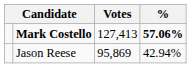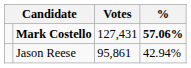 <table class="wikitable">
 <tr>
 <th colspan="2" rowspan="1" align="center" valign="top"><strong>Candidate</strong></th>
 <th valign="top"><strong>Votes</strong></th>
 <th valign="top"><strong>%</strong></th>
 </tr>
 <tr>
 <td style="background-color:"> </td>
 <td><strong>Mark Costello</strong></td>
-<td>127,413</td>
+<td>127,431</td>
 <td><strong>57.06%</strong></td>
 </tr>
 <tr>
 <td style="background-color:"> </td>
 <td>Jason Reese</td>
-<td>95,869</td>
+<td>95,861</td>
 <td>42.94%</td>
 </tr>
 </table>
